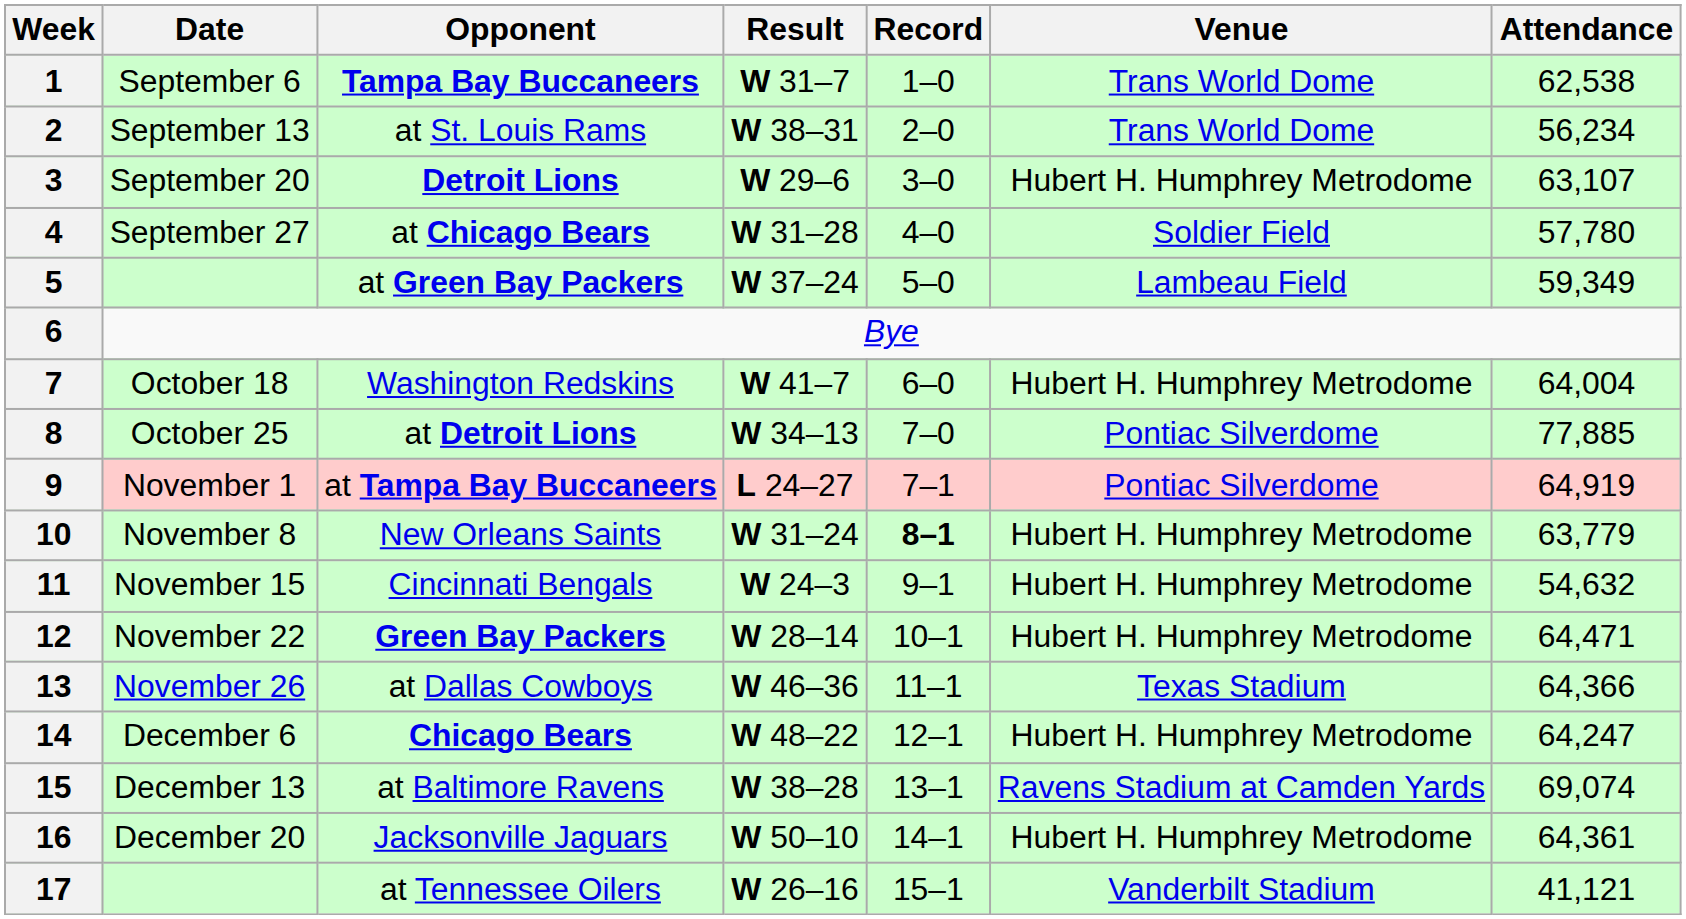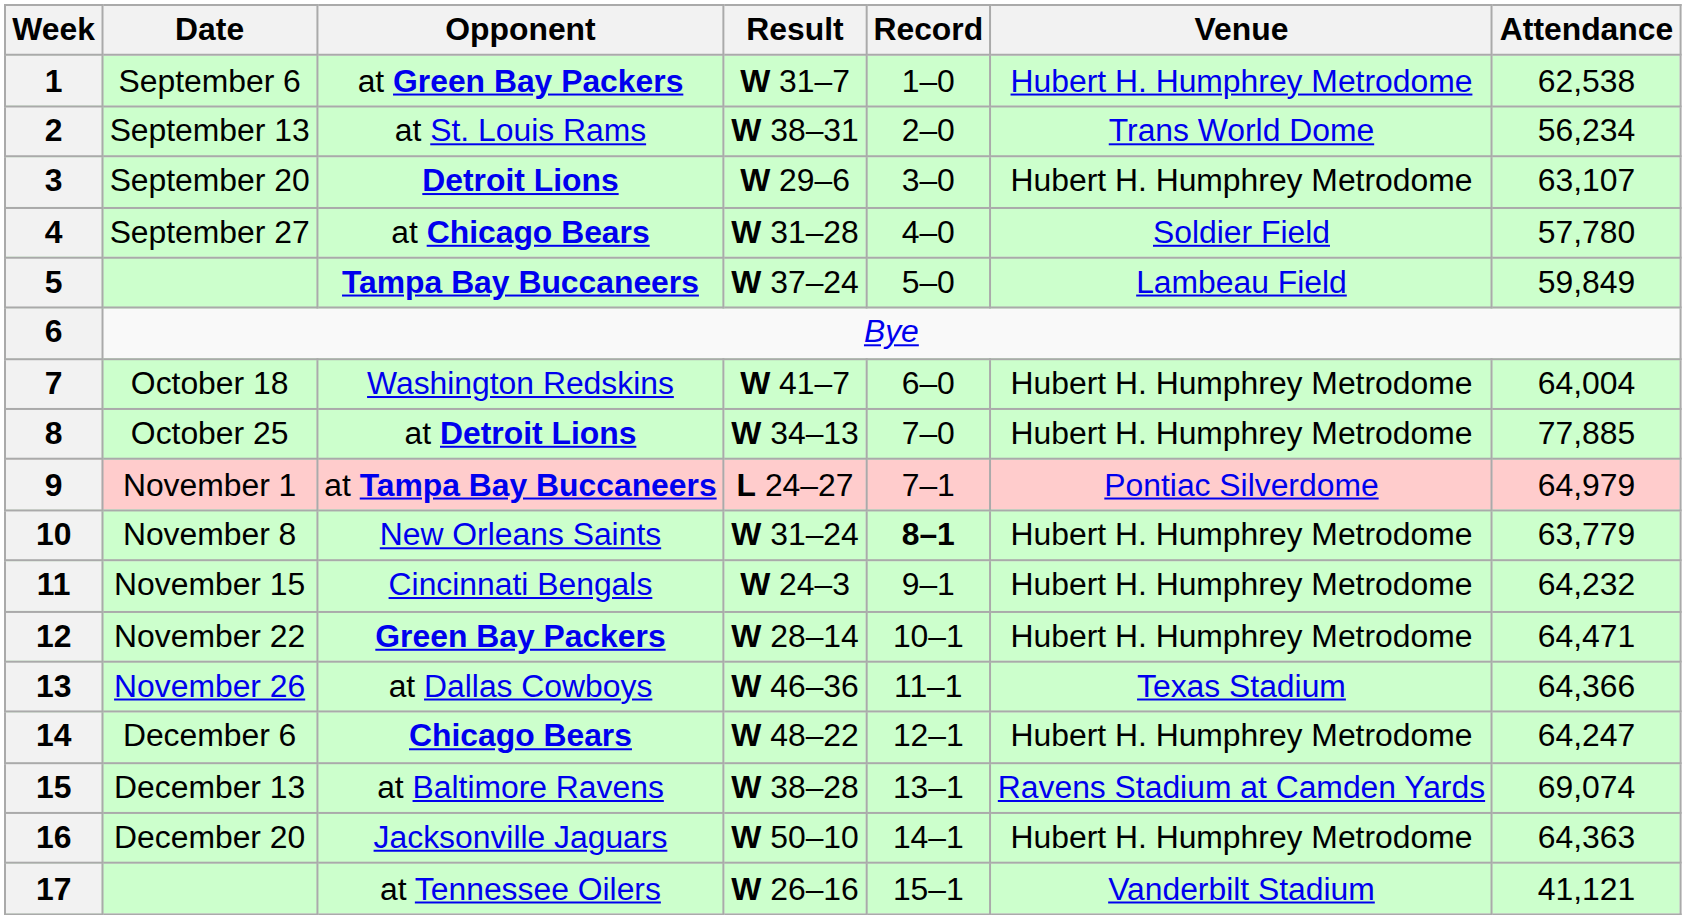 <table class="wikitable" style="text-align:center">
 <tr>
 <th>Week</th>
 <th>Date</th>
 <th>Opponent</th>
 <th>Result</th>
 <th>Record</th>
 <th>Venue</th>
 <th>Attendance</th>
 </tr>
 <tr style="background:#cfc">
 <th>1</th>
 <td>September 6</td>
-<td><strong><a href='#'>Tampa Bay Buccaneers</a></strong></td>
+<td>at <strong><a href='#'>Green Bay Packers</a></strong></td>
 <td><strong>W</strong> 31–7</td>
 <td>1–0</td>
-<td><a href='#'>Trans World Dome</a></td>
+<td><a href='#'>Hubert H. Humphrey Metrodome</a></td>
 <td>62,538</td>
 </tr>
 <tr style="background:#cfc">
 <th>2</th>
 <td>September 13</td>
 <td>at <a href='#'>St. Louis Rams</a></td>
 <td><strong>W</strong> 38–31</td>
 <td>2–0</td>
 <td><a href='#'>Trans World Dome</a></td>
 <td>56,234</td>
 </tr>
 <tr style="background:#cfc">
 <th>3</th>
 <td>September 20</td>
 <td><strong><a href='#'>Detroit Lions</a></strong></td>
 <td><strong>W</strong> 29–6</td>
 <td>3–0</td>
 <td>Hubert H. Humphrey Metrodome</td>
 <td>63,107</td>
 </tr>
 <tr style="background:#cfc">
 <th>4</th>
 <td>September 27</td>
 <td>at <strong><a href='#'>Chicago Bears</a></strong></td>
 <td><strong>W</strong> 31–28</td>
 <td>4–0</td>
 <td><a href='#'>Soldier Field</a></td>
 <td>57,780</td>
 </tr>
 <tr style="background:#cfc">
 <th>5</th>
 <td></td>
-<td>at <strong><a href='#'>Green Bay Packers</a></strong></td>
+<td><strong><a href='#'>Tampa Bay Buccaneers</a></strong></td>
 <td><strong>W</strong> 37–24</td>
 <td>5–0</td>
 <td><a href='#'>Lambeau Field</a></td>
-<td>59,349</td>
+<td>59,849</td>
 </tr>
 <tr>
 <th>6</th>
 <td colspan="7"><em><a href='#'>Bye</a></em></td>
 </tr>
 <tr style="background:#cfc">
 <th>7</th>
 <td>October 18</td>
 <td><a href='#'>Washington Redskins</a></td>
 <td><strong>W</strong> 41–7</td>
 <td>6–0</td>
 <td>Hubert H. Humphrey Metrodome</td>
 <td>64,004</td>
 </tr>
 <tr style="background:#cfc">
 <th>8</th>
 <td>October 25</td>
 <td>at <strong><a href='#'>Detroit Lions</a></strong></td>
 <td><strong>W</strong> 34–13</td>
 <td>7–0</td>
-<td><a href='#'>Pontiac Silverdome</a></td>
+<td>Hubert H. Humphrey Metrodome</td>
 <td>77,885</td>
 </tr>
 <tr style="background:#fcc">
 <th>9</th>
 <td>November 1</td>
 <td>at <strong><a href='#'>Tampa Bay Buccaneers</a></strong></td>
 <td><strong>L</strong> 24–27</td>
 <td>7–1</td>
 <td><a href='#'>Pontiac Silverdome</a></td>
-<td>64,919</td>
+<td>64,979</td>
 </tr>
 <tr style="background:#cfc">
 <th>10</th>
 <td>November 8</td>
 <td><a href='#'>New Orleans Saints</a></td>
 <td><strong>W</strong> 31–24</td>
 <td><strong>8–1</strong></td>
 <td>Hubert H. Humphrey Metrodome</td>
 <td>63,779</td>
 </tr>
 <tr style="background:#cfc">
 <th>11</th>
 <td>November 15</td>
 <td><a href='#'>Cincinnati Bengals</a></td>
 <td><strong>W</strong> 24–3</td>
 <td>9–1</td>
 <td>Hubert H. Humphrey Metrodome</td>
-<td>54,632</td>
+<td>64,232</td>
 </tr>
 <tr style="background:#cfc">
 <th>12</th>
 <td>November 22</td>
 <td><strong><a href='#'>Green Bay Packers</a></strong></td>
 <td><strong>W</strong> 28–14</td>
 <td>10–1</td>
 <td>Hubert H. Humphrey Metrodome</td>
 <td>64,471</td>
 </tr>
 <tr style="background:#cfc">
 <th>13</th>
 <td><a href='#'>November 26</a></td>
 <td>at <a href='#'>Dallas Cowboys</a></td>
 <td><strong>W</strong> 46–36</td>
 <td>11–1</td>
 <td><a href='#'>Texas Stadium</a></td>
 <td>64,366</td>
 </tr>
 <tr style="background:#cfc">
 <th>14</th>
 <td>December 6</td>
 <td><strong><a href='#'>Chicago Bears</a></strong></td>
 <td><strong>W</strong> 48–22</td>
 <td>12–1</td>
 <td>Hubert H. Humphrey Metrodome</td>
 <td>64,247</td>
 </tr>
 <tr style="background:#cfc">
 <th>15</th>
 <td>December 13</td>
 <td>at <a href='#'>Baltimore Ravens</a></td>
 <td><strong>W</strong> 38–28</td>
 <td>13–1</td>
 <td><a href='#'>Ravens Stadium at Camden Yards</a></td>
 <td>69,074</td>
 </tr>
 <tr style="background:#cfc">
 <th>16</th>
 <td>December 20</td>
 <td><a href='#'>Jacksonville Jaguars</a></td>
 <td><strong>W</strong> 50–10</td>
 <td>14–1</td>
 <td>Hubert H. Humphrey Metrodome</td>
-<td>64,361</td>
+<td>64,363</td>
 </tr>
 <tr style="background:#cfc">
 <th>17</th>
 <td></td>
 <td>at <a href='#'>Tennessee Oilers</a></td>
 <td><strong>W</strong> 26–16</td>
 <td>15–1</td>
 <td><a href='#'>Vanderbilt Stadium</a></td>
 <td>41,121</td>
 </tr>
 </table>
